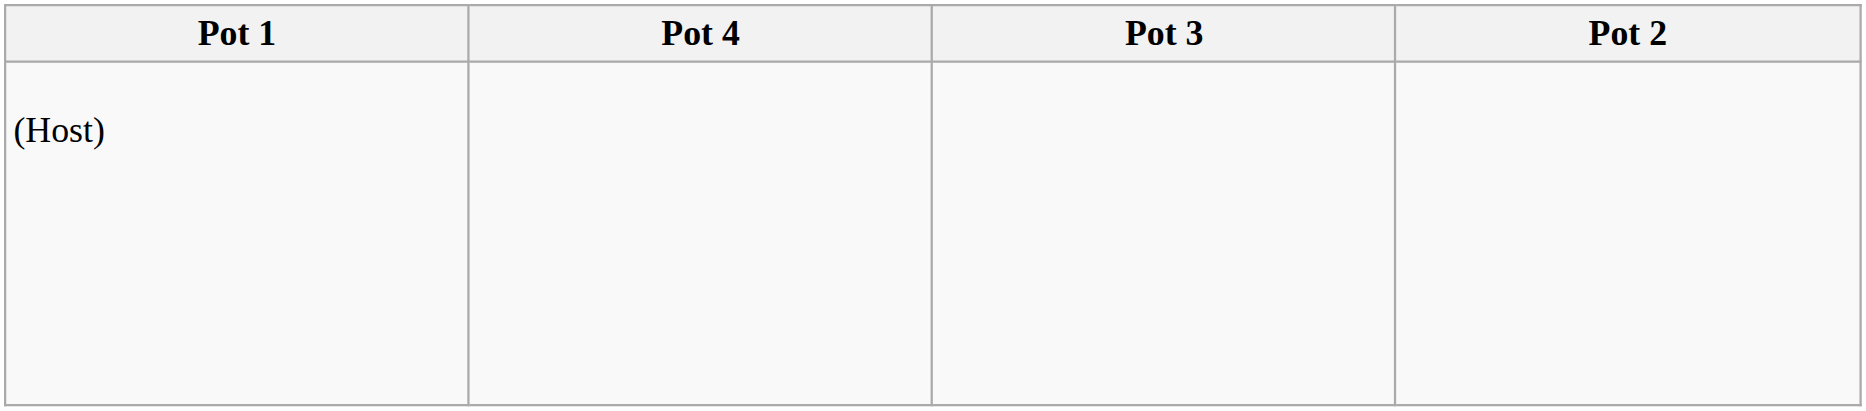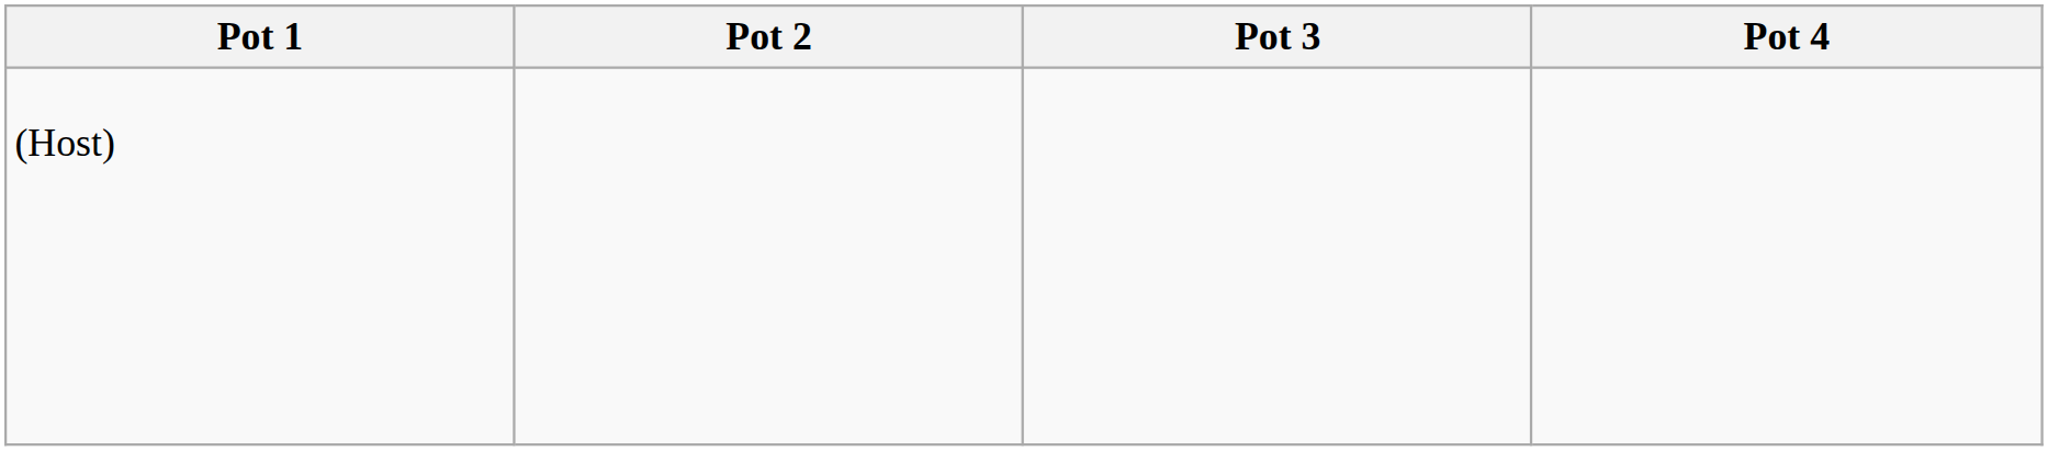 <table class="wikitable" style="font-size:99%; text-align:left;" width="65%">
 <tr>
 <th width=25%>Pot 1</th>
+<th width=25%>Pot 2</th>
+<th width=25%>Pot 3</th>
 <th width=25%>Pot 4</th>
-<th width=25%>Pot 3</th>
-<th width=25%>Pot 2</th>
 </tr>
 <tr>
 <td valign="top"><br> (Host)<br> <br> <br> <br> <br> <br> <br> </td>
 <td valign="top"><br><br> <br> <br> <br> <br> <br> <br> </td>
 <td valign="top"><br> <br> <br> <br> <br> <br> <br> <br> </td>
 <td valign="top"><br><br> <br> <br> <br> <br> <br> <br> </td>
 </tr>
 </table>
